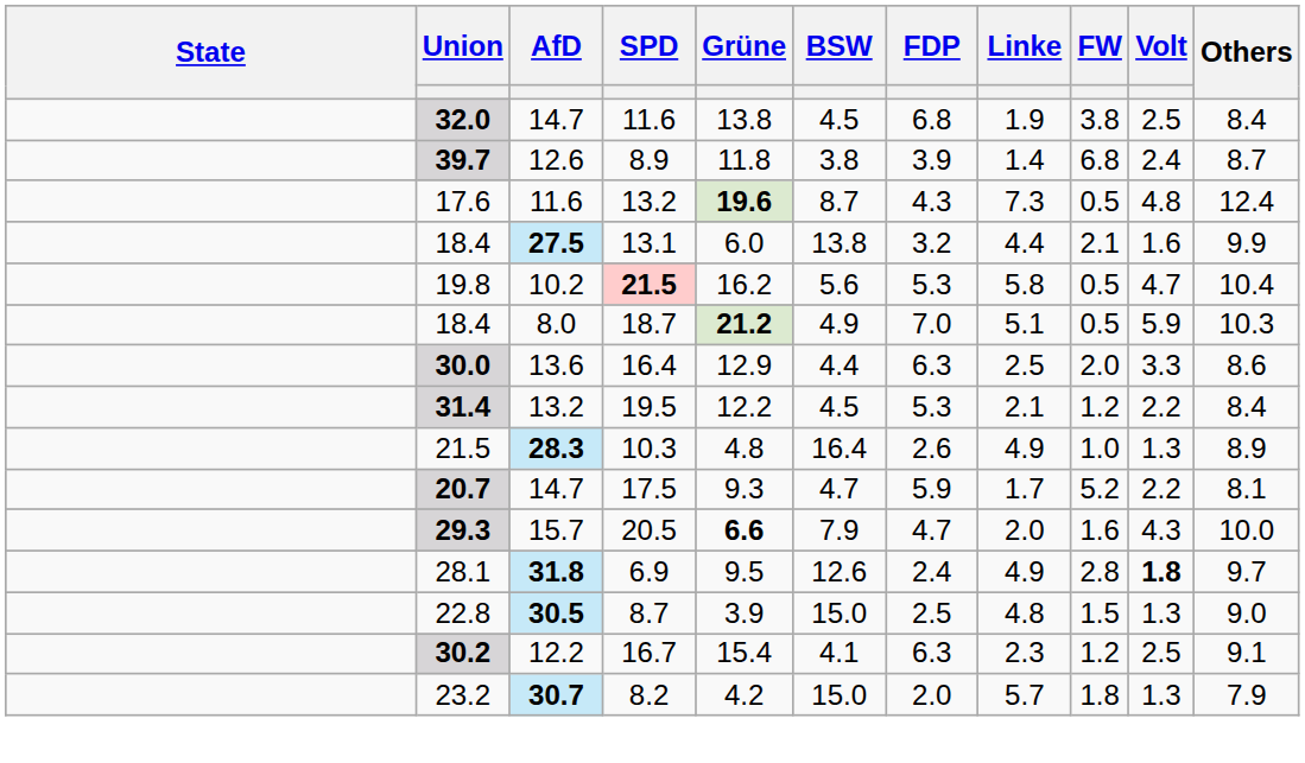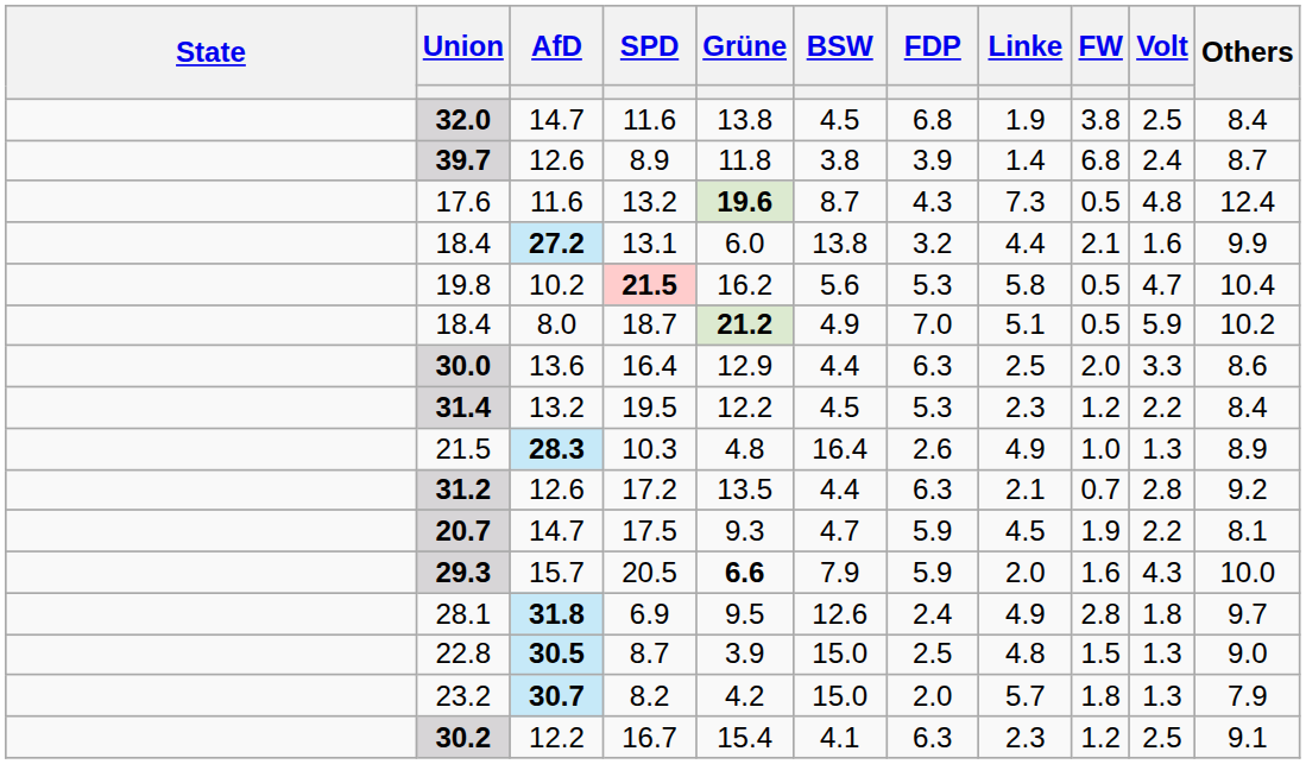 <table class="wikitable sortable" style="text-align:center;font-size:90%;line-height:14px">
 <tr style="height:40px;">
 <th style="width:200px;" rowspan="2"><a href='#'>State</a></th>
 <th style="width:40px;"><a href='#'>Union</a><br></th>
 <th style="width:40px;"><a href='#'>AfD</a><br></th>
 <th style="width:40px;"><a href='#'>SPD</a><br></th>
 <th style="width:40px;"><a href='#'>Grüne</a><br></th>
 <th style="width:40px;"><a href='#'>BSW</a><br></th>
 <th style="width:40px;"><a href='#'>FDP</a><br></th>
 <th style="width:40px;"><a href='#'>Linke</a><br></th>
 <th><a href='#'>FW</a><br></th>
 <th><a href='#'>Volt</a><br></th>
 <th rowspan="2" class="unsortable" style="width:40px;">Others</th>
 </tr>
 <tr>
 <th style="background:"></th>
 <th style="background:"></th>
 <th style="background:"></th>
 <th style="background:"></th>
 <th style="background:"></th>
 <th style="background:"></th>
 <th style="background:"></th>
 <th style="background:"></th>
 <th style="background:"></th>
 </tr>
 <tr>
 <td align="left"></td>
 <td style="background:#D7D5D7;"><strong>32.0</strong></td>
 <td>14.7</td>
 <td>11.6</td>
 <td>13.8</td>
 <td>4.5</td>
 <td>6.8</td>
 <td>1.9</td>
 <td>3.8</td>
 <td>2.5</td>
 <td>8.4</td>
 </tr>
 <tr>
 <td align="left"></td>
 <td style="background:#D7D5D7;"><strong>39.7</strong></td>
 <td>12.6</td>
 <td>8.9</td>
 <td>11.8</td>
 <td>3.8</td>
 <td>3.9</td>
 <td>1.4</td>
 <td>6.8</td>
 <td>2.4</td>
 <td>8.7</td>
 </tr>
 <tr>
 <td align="left"></td>
 <td>17.6</td>
 <td>11.6</td>
 <td>13.2</td>
 <td style="background:#DCEAD0;"><strong>19.6</strong></td>
 <td>8.7</td>
 <td>4.3</td>
 <td>7.3</td>
 <td>0.5</td>
 <td>4.8</td>
 <td>12.4</td>
 </tr>
 <tr>
 <td align="left"></td>
 <td>18.4</td>
-<td style="background:#C6E9F8;"><strong>27.5</strong></td>
+<td style="background:#C6E9F8;"><strong>27.2</strong></td>
 <td>13.1</td>
 <td>6.0</td>
 <td>13.8</td>
 <td>3.2</td>
 <td>4.4</td>
 <td>2.1</td>
 <td>1.6</td>
 <td>9.9</td>
 </tr>
 <tr>
 <td align="left"></td>
 <td>19.8</td>
 <td>10.2</td>
 <td style="background:#FFCCCC"><strong>21.5</strong></td>
 <td>16.2</td>
 <td>5.6</td>
 <td>5.3</td>
 <td>5.8</td>
 <td>0.5</td>
 <td>4.7</td>
 <td>10.4</td>
 </tr>
 <tr>
 <td align="left"></td>
 <td>18.4</td>
 <td>8.0</td>
 <td>18.7</td>
 <td style="background:#DCEAD0;"><strong>21.2</strong></td>
 <td>4.9</td>
 <td>7.0</td>
 <td>5.1</td>
 <td>0.5</td>
 <td>5.9</td>
-<td>10.3</td>
+<td>10.2</td>
 </tr>
 <tr>
 <td align="left"></td>
 <td style="background:#D7D5D7;"><strong>30.0</strong></td>
 <td>13.6</td>
 <td>16.4</td>
 <td>12.9</td>
 <td>4.4</td>
 <td>6.3</td>
 <td>2.5</td>
 <td>2.0</td>
 <td>3.3</td>
 <td>8.6</td>
 </tr>
 <tr>
 <td align="left"></td>
 <td style="background:#D7D5D7;"><strong>31.4</strong></td>
 <td>13.2</td>
 <td>19.5</td>
 <td>12.2</td>
 <td>4.5</td>
 <td>5.3</td>
-<td>2.1</td>
+<td>2.3</td>
 <td>1.2</td>
 <td>2.2</td>
 <td>8.4</td>
 </tr>
 <tr>
 <td align="left"></td>
 <td>21.5</td>
 <td style="background:#C6E9F8;"><strong>28.3</strong></td>
 <td>10.3</td>
 <td>4.8</td>
 <td>16.4</td>
 <td>2.6</td>
 <td>4.9</td>
 <td>1.0</td>
 <td>1.3</td>
 <td>8.9</td>
 </tr>
 <tr>
 <td align="left"></td>
+<td style="background:#D7D5D7;"><strong>31.2</strong></td>
+<td>12.6</td>
+<td>17.2</td>
+<td>13.5</td>
+<td>4.4</td>
+<td>6.3</td>
+<td>2.1</td>
+<td>0.7</td>
+<td>2.8</td>
+<td>9.2</td>
+</tr>
+<tr>
+<td align="left"></td>
 <td style="background:#D7D5D7;"><strong>20.7</strong></td>
 <td>14.7</td>
 <td>17.5</td>
 <td>9.3</td>
 <td>4.7</td>
 <td>5.9</td>
-<td>1.7</td>
-<td>5.2</td>
+<td>4.5</td>
+<td>1.9</td>
 <td>2.2</td>
 <td>8.1</td>
 </tr>
 <tr>
 <td align="left"></td>
 <td style="background:#D7D5D7;"><strong>29.3</strong></td>
 <td>15.7</td>
 <td>20.5</td>
 <td><strong>6.6</strong></td>
 <td>7.9</td>
-<td>4.7</td>
+<td>5.9</td>
 <td>2.0</td>
 <td>1.6</td>
 <td>4.3</td>
 <td>10.0</td>
 </tr>
 <tr>
 <td align="left"></td>
 <td>28.1</td>
 <td style="background:#C6E9F8;"><strong>31.8</strong></td>
 <td>6.9</td>
 <td>9.5</td>
 <td>12.6</td>
 <td>2.4</td>
 <td>4.9</td>
 <td>2.8</td>
-<td><strong>1.8</strong></td>
+<td>1.8</td>
 <td>9.7</td>
 </tr>
 <tr>
 <td align="left"></td>
 <td>22.8</td>
 <td style="background:#C6E9F8;"><strong>30.5</strong></td>
 <td>8.7</td>
 <td>3.9</td>
 <td>15.0</td>
 <td>2.5</td>
 <td>4.8</td>
 <td>1.5</td>
 <td>1.3</td>
 <td>9.0</td>
 </tr>
 <tr>
 <td align="left"></td>
+<td>23.2</td>
+<td style="background:#C6E9F8;"><strong>30.7</strong></td>
+<td>8.2</td>
+<td>4.2</td>
+<td>15.0</td>
+<td>2.0</td>
+<td>5.7</td>
+<td>1.8</td>
+<td>1.3</td>
+<td>7.9</td>
+</tr>
+<tr>
+<td align="left"></td>
 <td style="background:#D7D5D7;"><strong>30.2</strong></td>
 <td>12.2</td>
 <td>16.7</td>
 <td>15.4</td>
 <td>4.1</td>
 <td>6.3</td>
 <td>2.3</td>
 <td>1.2</td>
 <td>2.5</td>
 <td>9.1</td>
 </tr>
-<tr>
-<td align="left"></td>
-<td>23.2</td>
-<td style="background:#C6E9F8;"><strong>30.7</strong></td>
-<td>8.2</td>
-<td>4.2</td>
-<td>15.0</td>
-<td>2.0</td>
-<td>5.7</td>
-<td>1.8</td>
-<td>1.3</td>
-<td>7.9</td>
-</tr>
 </table>
